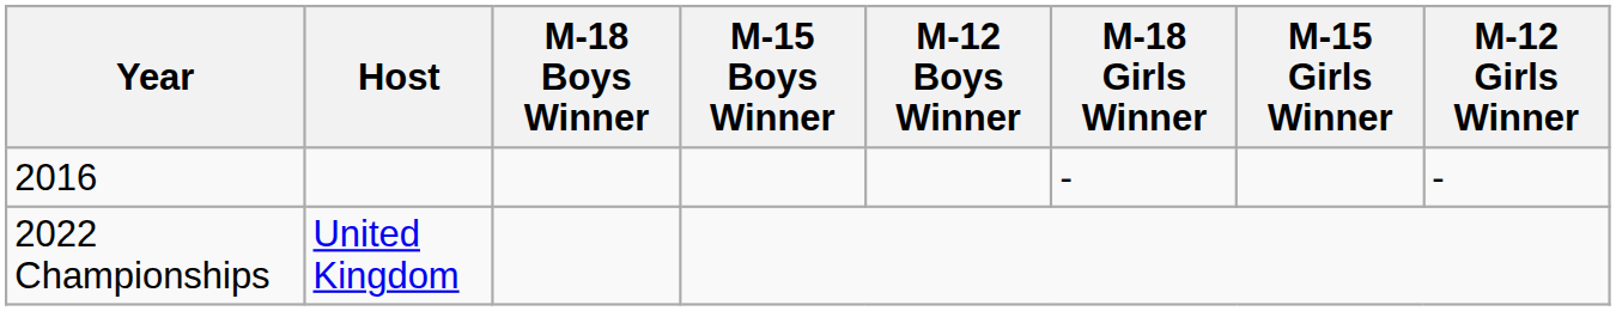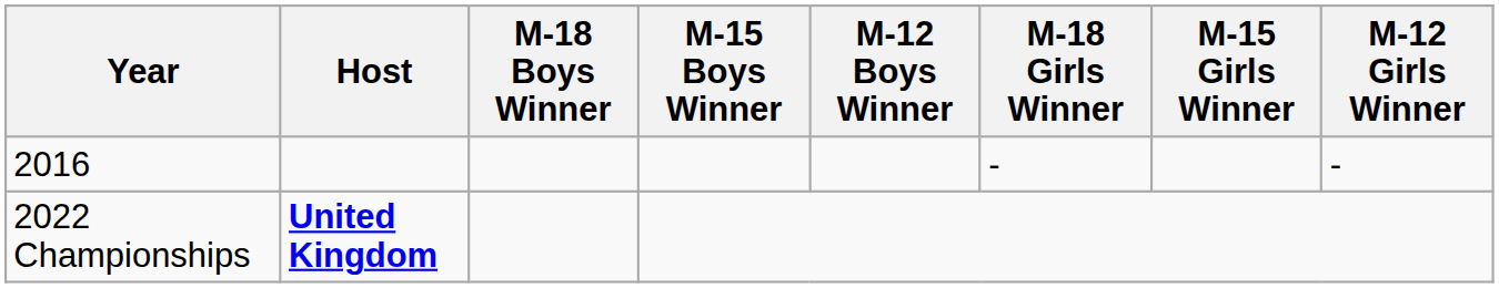 <table class="wikitable sortable" style="font-size:90%; width: 100%; text-align: left;">
 <tr>
 <th width=10%>Year</th>
 <th width=10%>Host</th>
 <th width=10%>M-18 Boys Winner</th>
 <th width=10%>M-15 Boys Winner</th>
 <th width=10%>M-12 Boys Winner</th>
 <th width=10%>M-18 Girls Winner</th>
 <th width=10%>M-15 Girls Winner</th>
 <th width=10%>M-12 Girls Winner</th>
 </tr>
 <tr>
 <td>2016</td>
 <td></td>
 <td></td>
 <td></td>
 <td></td>
 <td>-</td>
 <td></td>
 <td>-</td>
 </tr>
 <tr>
 <td>2022<br>Championships</td>
-<td> <a href='#'>United Kingdom</a></td>
+<td><strong> <a href='#'>United Kingdom</a></strong></td>
 <td></td>
 </tr>
 </table>
